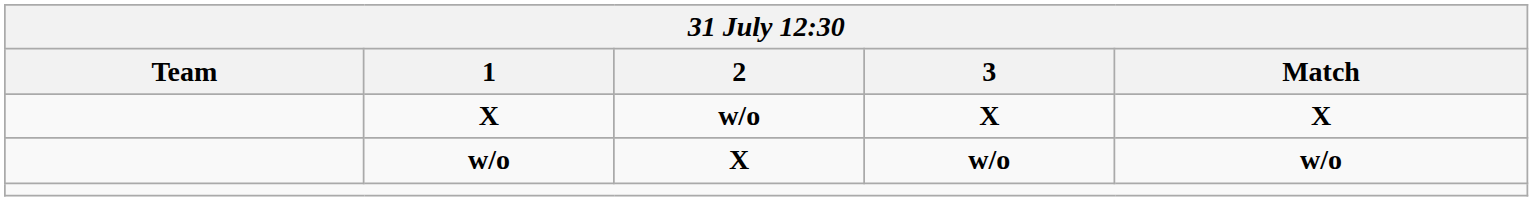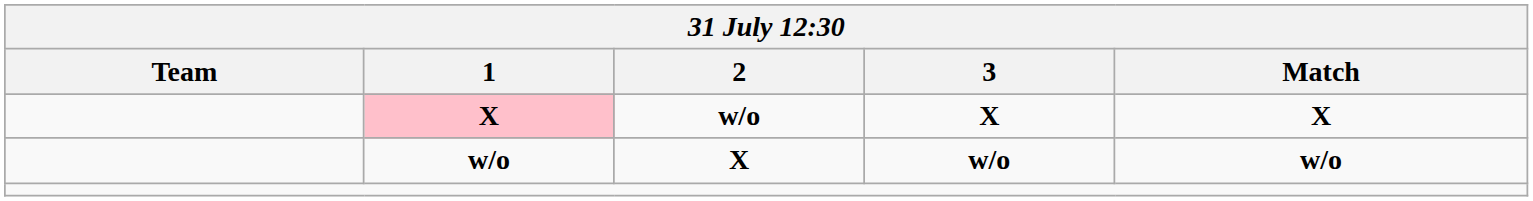 <table class=wikitable style="text-align:center; width: 55%">
 <tr>
 <th colspan=10><em>31 July 12:30</em></th>
 </tr>
 <tr>
 <th>Team</th>
 <th>1</th>
 <th>2</th>
 <th>3</th>
 <th>Match</th>
 </tr>
 <tr>
 <td align=left><strong><br></strong></td>
-<td><strong>X</strong></td>
+<td style="background: pink;"><strong>X</strong></td>
 <td><strong>w/o</strong></td>
 <td><strong>X</strong></td>
 <td><strong>X</strong></td>
 </tr>
 <tr>
 <td align=left><br></td>
 <td><strong>w/o</strong></td>
 <td><strong>X</strong></td>
 <td><strong>w/o</strong></td>
 <td><strong>w/o</strong></td>
 </tr>
 <tr>
 <td colspan=10></td>
 </tr>
 </table>
